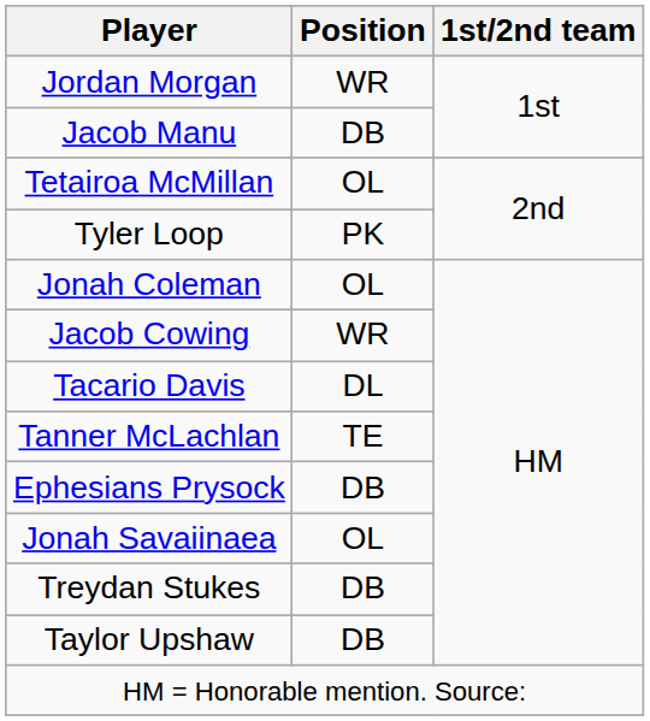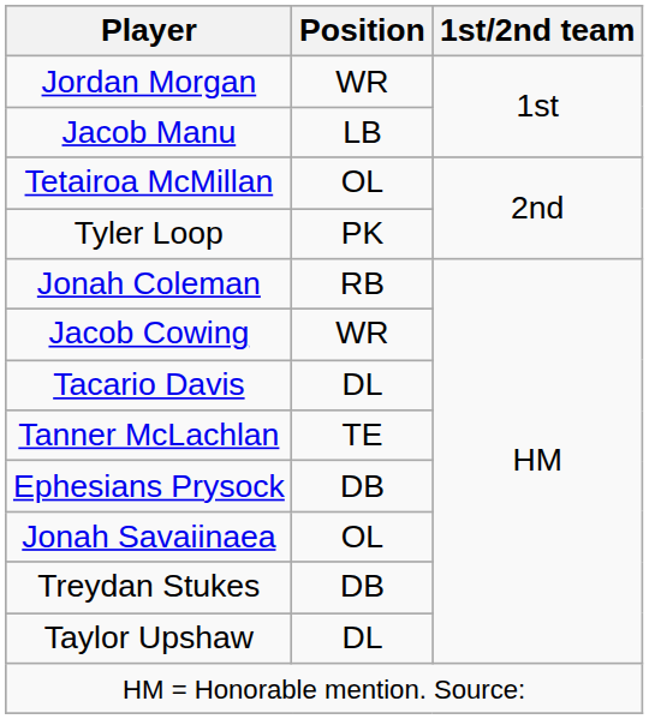 <table class="wikitable" style="text-align: center">
 <tr align=center>
 <th>Player</th>
 <th>Position</th>
 <th>1st/2nd team</th>
 </tr>
 <tr>
 <td><a href='#'>Jordan Morgan</a></td>
 <td>WR</td>
 <td rowspan="2">1st</td>
 </tr>
 <tr>
 <td><a href='#'>Jacob Manu</a></td>
-<td>DB</td>
+<td>LB</td>
 </tr>
 <tr>
 <td><a href='#'>Tetairoa McMillan</a></td>
 <td>OL</td>
 <td rowspan="2">2nd</td>
 </tr>
 <tr>
 <td>Tyler Loop</td>
 <td>PK</td>
 </tr>
 <tr>
 <td><a href='#'>Jonah Coleman</a></td>
-<td>OL</td>
+<td>RB</td>
 <td rowspan="8">HM</td>
 </tr>
 <tr>
 <td><a href='#'>Jacob Cowing</a></td>
 <td>WR</td>
 </tr>
 <tr>
 <td><a href='#'>Tacario Davis</a></td>
 <td>DL</td>
 </tr>
 <tr>
 <td><a href='#'>Tanner McLachlan</a></td>
 <td>TE</td>
 </tr>
 <tr>
 <td><a href='#'>Ephesians Prysock</a></td>
 <td>DB</td>
 </tr>
 <tr>
 <td><a href='#'>Jonah Savaiinaea</a></td>
 <td>OL</td>
 </tr>
 <tr>
 <td>Treydan Stukes</td>
 <td>DB</td>
 </tr>
 <tr>
 <td>Taylor Upshaw</td>
-<td>DB</td>
+<td>DL</td>
 </tr>
 <tr>
 <td colspan="3"><small>HM = Honorable mention. Source: </small></td>
 </tr>
 </table>
